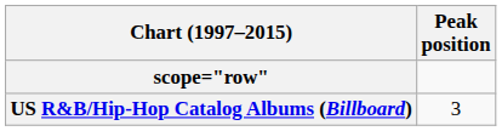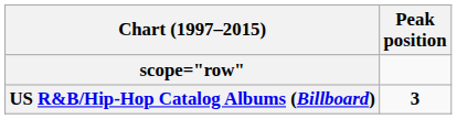 <table class="wikitable sortable plainrowheaders" style="text-align:center;">
 <tr>
 <th scope="col">Chart (1997–2015)</th>
 <th scope="col">Peak<br>position</th>
 </tr>
 <tr>
 <th>scope="row" </th>
 </tr>
 <tr>
 <th scope="row">US <a href='#'>R&B/Hip-Hop Catalog Albums</a> (<a href='#'><em>Billboard</em></a>)</th>
-<td style="text-align:center;">3</td>
+<td style="text-align:center;"><strong>3</strong></td>
 </tr>
 </table>
